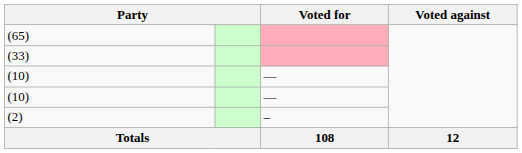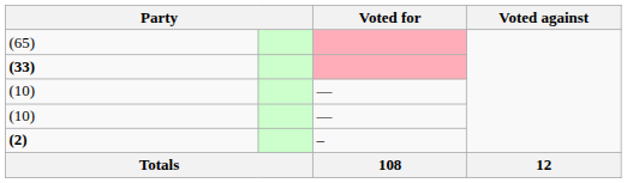 <table class="wikitable" style="width:40%;">
 <tr>
 <th style="width:20%;" colspan="2">Party</th>
 <th style="width:10%;">Voted for</th>
 <th style="width:10%;">Voted against</th>
 </tr>
 <tr>
 <td> (65)</td>
 <td style="background:#cfc;"></td>
 <td style="background:#ffaeb9;"></td>
 </tr>
 <tr>
-<td> (33)</td>
+<td><strong> (33)</strong></td>
 <td style="background:#cfc;"></td>
 <td style="background:#ffaeb9;"></td>
 </tr>
 <tr>
 <td> (10)</td>
 <td style="background:#cfc;"></td>
 <td>—</td>
 </tr>
 <tr>
 <td> (10)</td>
 <td style="background:#cfc;"></td>
 <td>—</td>
 </tr>
 <tr>
-<td> (2)</td>
+<td><strong> (2)</strong></td>
 <td style="background:#cfc;"></td>
 <td>–</td>
 </tr>
 <tr>
 <th colspan=2>Totals</th>
 <th>108</th>
 <th>12</th>
 </tr>
 </table>
